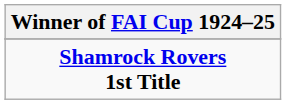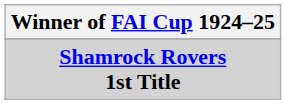 <table class="wikitable" style="text-align: center; margin: 0 auto;">
 <tr>
 <th>Winner of <a href='#'>FAI Cup</a> 1924–25</th>
 </tr>
 <tr>
 </tr>
 <tr>
-<td><strong><a href='#'>Shamrock Rovers</a></strong><br><strong>1st Title</strong></td>
+<td style="background: lightgrey;"><strong><a href='#'>Shamrock Rovers</a></strong><br><strong>1st Title</strong></td>
 </tr>
 </table>
